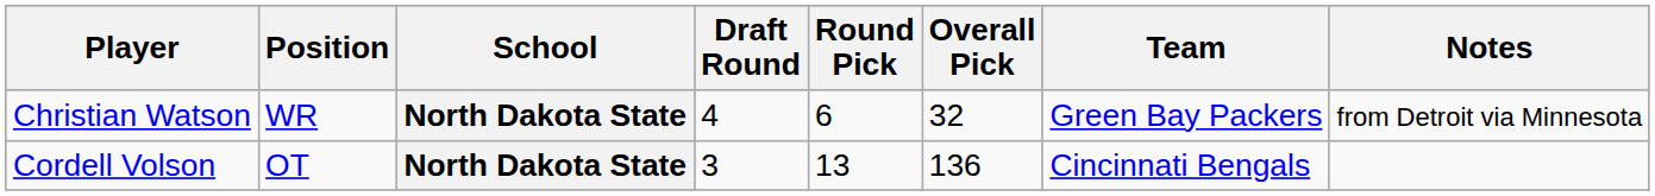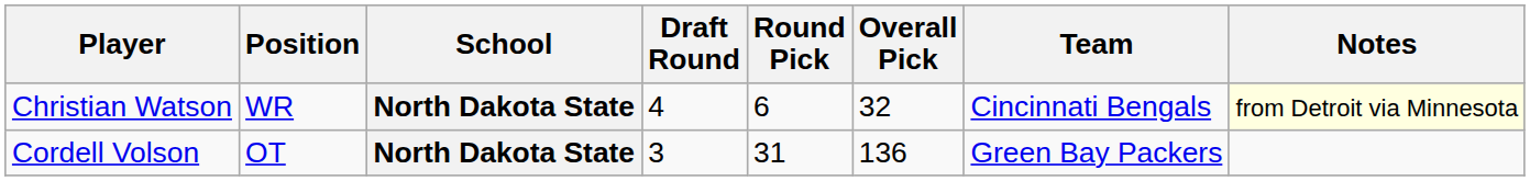 <table class="wikitable sortable" border="1">
 <tr>
 <th>Player</th>
 <th>Position</th>
 <th>School</th>
 <th>Draft<br>Round</th>
 <th>Round<br>Pick</th>
 <th>Overall<br>Pick</th>
 <th>Team</th>
 <th>Notes</th>
 </tr>
 <tr>
 <td><a href='#'>Christian Watson</a></td>
 <td><a href='#'>WR</a></td>
 <th>North Dakota State</th>
 <td>4</td>
 <td>6</td>
 <td>32</td>
-<td><a href='#'>Green Bay Packers</a></td>
-<td><small>from Detroit via Minnesota</small></td>
+<td><a href='#'>Cincinnati Bengals</a></td>
+<td style="background: lightyellow;"><small>from Detroit via Minnesota</small></td>
 </tr>
 <tr>
 <td><a href='#'>Cordell Volson</a></td>
 <td><a href='#'>OT</a></td>
 <th>North Dakota State</th>
 <td>3</td>
-<td>13</td>
+<td>31</td>
 <td>136</td>
-<td><a href='#'>Cincinnati Bengals</a></td>
+<td><a href='#'>Green Bay Packers</a></td>
 <td></td>
 </tr>
 </table>
